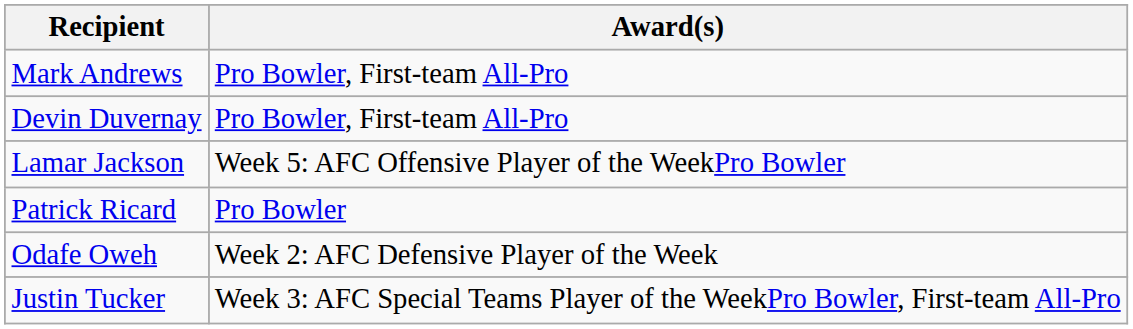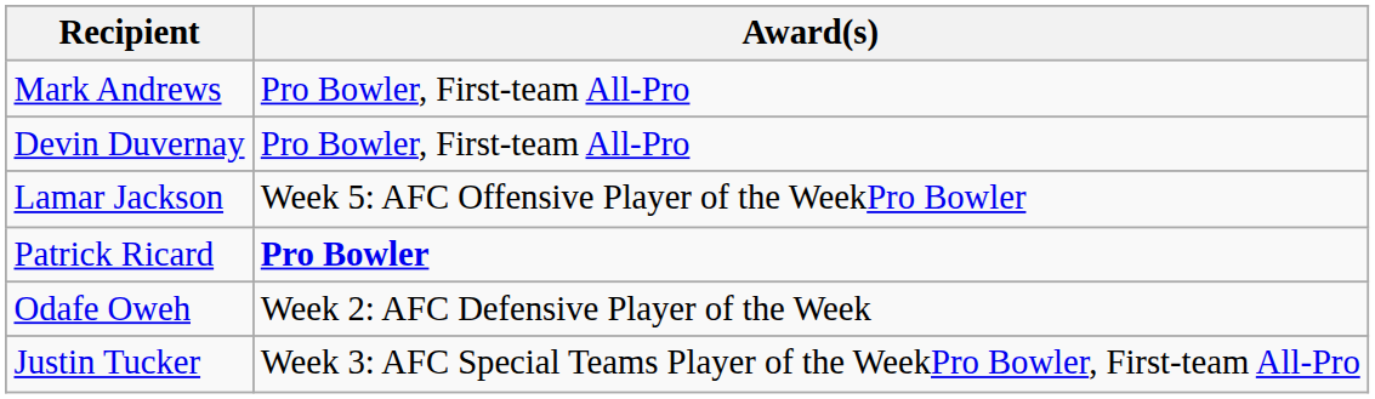 <table class="wikitable">
 <tr>
 <th>Recipient</th>
 <th>Award(s)</th>
 </tr>
 <tr>
 <td><a href='#'>Mark Andrews</a></td>
 <td><a href='#'>Pro Bowler</a>, First-team <a href='#'>All-Pro</a></td>
 </tr>
 <tr>
 <td><a href='#'>Devin Duvernay</a></td>
 <td><a href='#'>Pro Bowler</a>, First-team <a href='#'>All-Pro</a></td>
 </tr>
 <tr>
 <td><a href='#'>Lamar Jackson</a></td>
 <td>Week 5: AFC Offensive Player of the Week<a href='#'>Pro Bowler</a></td>
 </tr>
 <tr>
 <td><a href='#'>Patrick Ricard</a></td>
-<td><a href='#'>Pro Bowler</a></td>
+<td><strong><a href='#'>Pro Bowler</a></strong></td>
 </tr>
 <tr>
 <td><a href='#'>Odafe Oweh</a></td>
 <td>Week 2: AFC Defensive Player of the Week</td>
 </tr>
 <tr>
 <td><a href='#'>Justin Tucker</a></td>
 <td>Week 3: AFC Special Teams Player of the Week<a href='#'>Pro Bowler</a>, First-team <a href='#'>All-Pro</a></td>
 </tr>
 </table>
